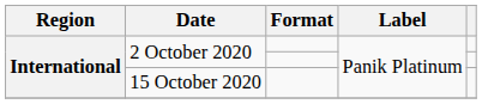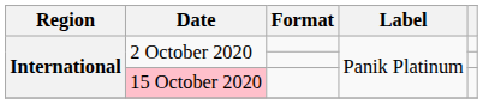 <table class="wikitable plainrowheaders">
 <tr>
 <th scope="col">Region</th>
 <th scope="col">Date</th>
 <th scope="col">Format</th>
 <th scope="col">Label</th>
 <th scope="col"></th>
 </tr>
 <tr>
 <th scope="row" rowspan="3">International</th>
 <td rowspan="2">2 October 2020</td>
 <td></td>
 <td rowspan="3">Panik Platinum</td>
 <td></td>
 </tr>
 <tr>
 <td></td>
 <td></td>
 </tr>
 <tr>
-<td>15 October 2020</td>
+<td style="background: pink;">15 October 2020</td>
 <td></td>
 <td></td>
 </tr>
 <tr>
 </tr>
 </table>
